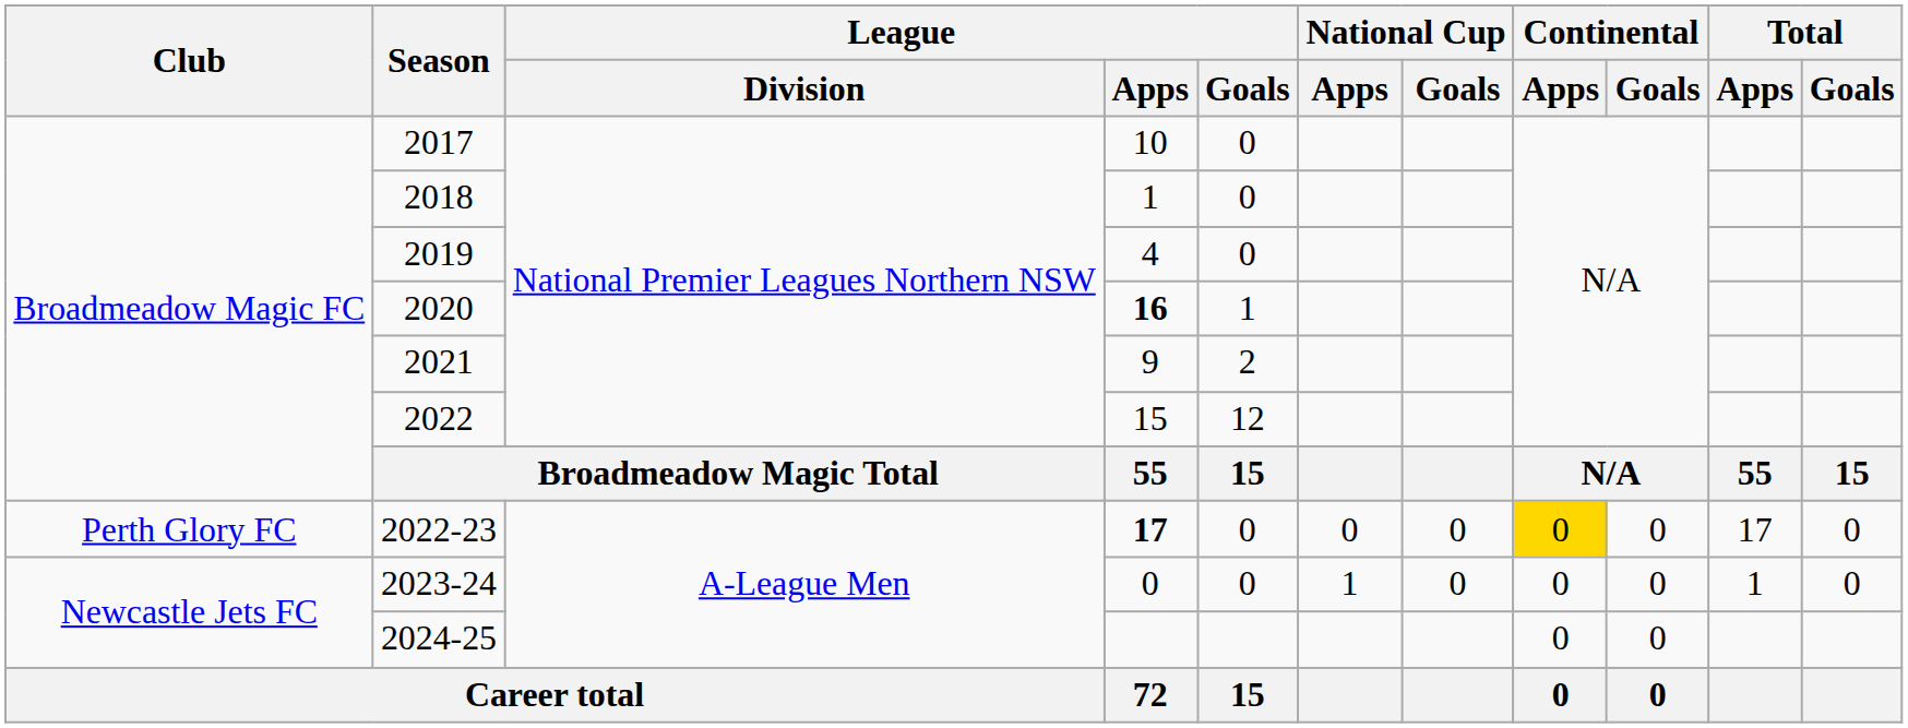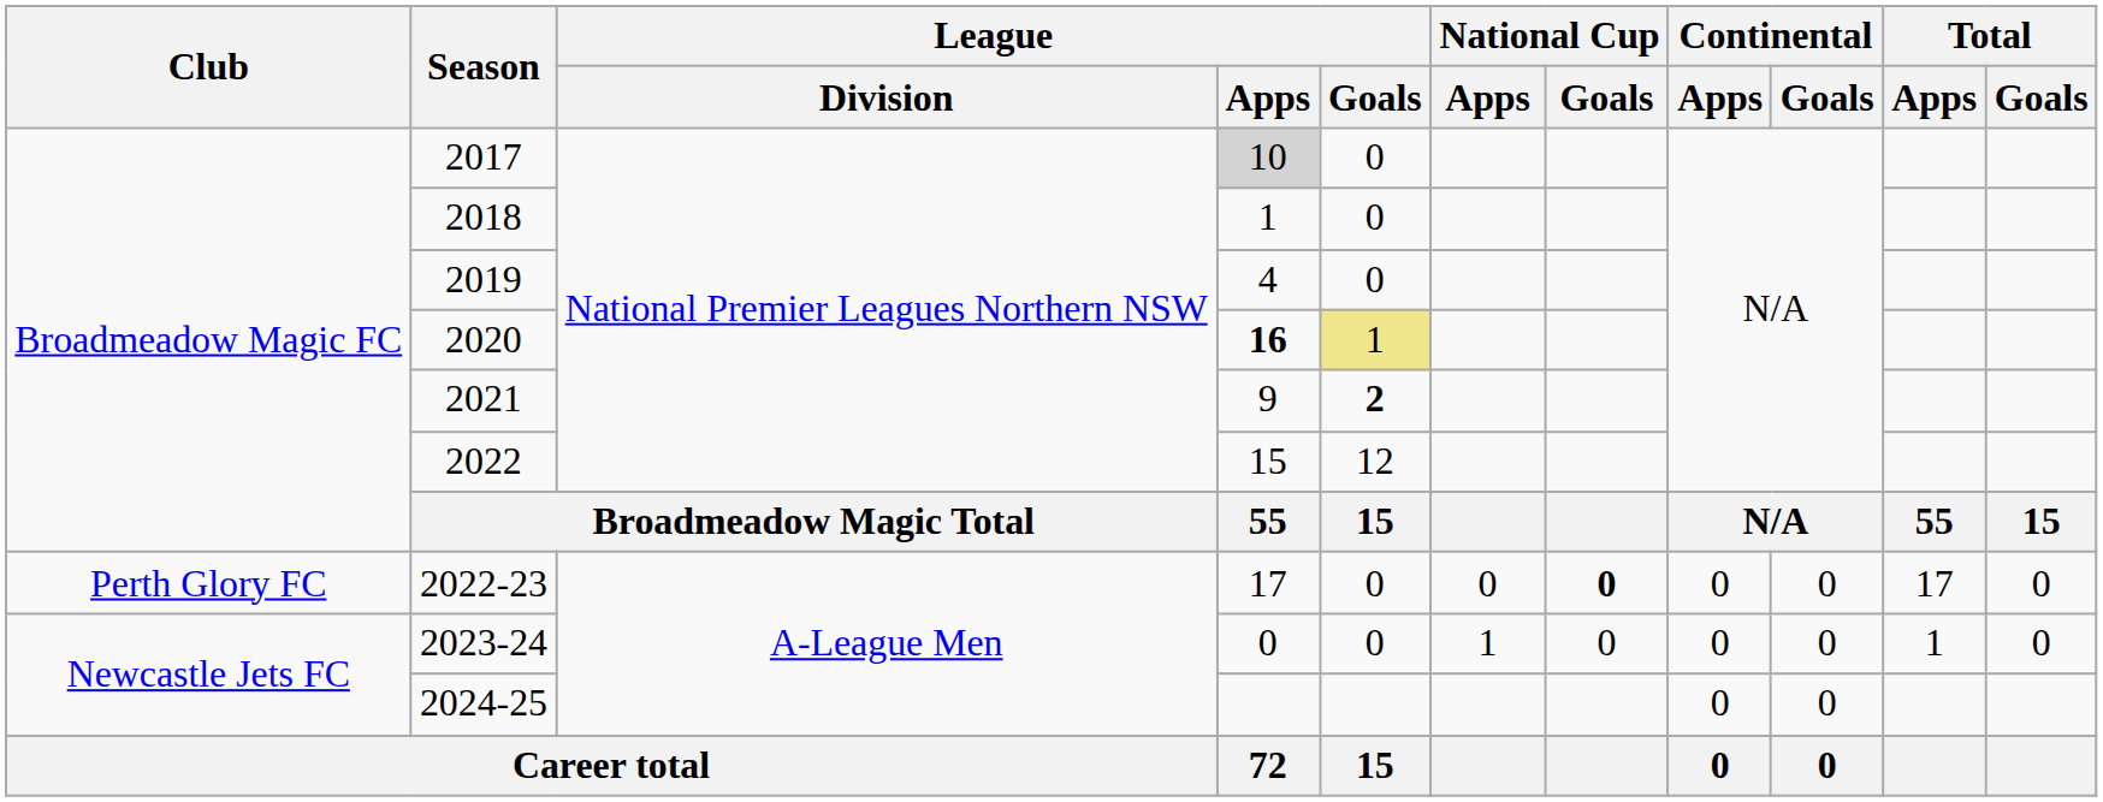 <table class="wikitable" style="text-align: center;">
 <tr>
 <th rowspan="2">Club</th>
 <th rowspan="2">Season</th>
 <th colspan="3">League</th>
 <th colspan="2">National Cup</th>
 <th colspan="2">Continental</th>
 <th colspan="2">Total</th>
 </tr>
 <tr>
 <th>Division</th>
 <th>Apps</th>
 <th>Goals</th>
 <th>Apps</th>
 <th>Goals</th>
 <th>Apps</th>
 <th>Goals</th>
 <th>Apps</th>
 <th>Goals</th>
 </tr>
 <tr>
 <td rowspan="7"><a href='#'>Broadmeadow Magic FC</a></td>
 <td>2017</td>
 <td rowspan="6"><a href='#'>National Premier Leagues Northern NSW</a></td>
-<td>10</td>
+<td style="background: lightgrey;">10</td>
 <td>0</td>
 <td></td>
 <td></td>
 <td colspan="2" rowspan="6">N/A</td>
 <td></td>
 <td></td>
 </tr>
 <tr>
 <td>2018</td>
 <td>1</td>
 <td>0</td>
 <td></td>
 <td></td>
 <td></td>
 <td></td>
 </tr>
 <tr>
 <td>2019</td>
 <td>4</td>
 <td>0</td>
 <td></td>
 <td></td>
 <td></td>
 <td></td>
 </tr>
 <tr>
 <td>2020</td>
 <td><strong>16</strong></td>
-<td>1</td>
+<td style="background: khaki;">1</td>
 <td></td>
 <td></td>
 <td></td>
 <td></td>
 </tr>
 <tr>
 <td>2021</td>
 <td>9</td>
-<td>2</td>
+<td><strong>2</strong></td>
 <td></td>
 <td></td>
 <td></td>
 <td></td>
 </tr>
 <tr>
 <td>2022</td>
 <td>15</td>
 <td>12</td>
 <td></td>
 <td></td>
 <td></td>
 <td></td>
 </tr>
 <tr>
 <th colspan="2">Broadmeadow Magic Total</th>
 <th>55</th>
 <th>15</th>
 <th></th>
 <th></th>
 <th colspan="2">N/A</th>
 <th>55</th>
 <th>15</th>
 </tr>
 <tr>
 <td><a href='#'>Perth Glory FC</a></td>
 <td>2022-23</td>
 <td rowspan="3"><a href='#'>A-League Men</a></td>
-<td><strong>17</strong></td>
+<td>17</td>
 <td>0</td>
 <td>0</td>
+<td><strong>0</strong></td>
 <td>0</td>
-<td style="background: gold;">0</td>
 <td>0</td>
 <td>17</td>
 <td>0</td>
 </tr>
 <tr>
 <td rowspan="2"><a href='#'>Newcastle Jets FC</a></td>
 <td>2023-24</td>
 <td>0</td>
 <td>0</td>
 <td>1</td>
 <td>0</td>
 <td>0</td>
 <td>0</td>
 <td>1</td>
 <td>0</td>
 </tr>
 <tr>
 <td>2024-25</td>
 <td></td>
 <td></td>
 <td></td>
 <td></td>
 <td>0</td>
 <td>0</td>
 <td></td>
 <td></td>
 </tr>
 <tr>
 <th colspan="3">Career total</th>
 <th>72</th>
 <th>15</th>
 <th></th>
 <th></th>
 <th>0</th>
 <th>0</th>
 <th></th>
 <th></th>
 </tr>
 </table>
